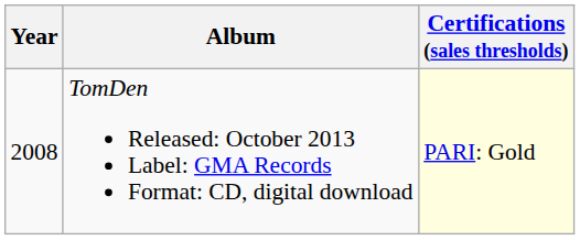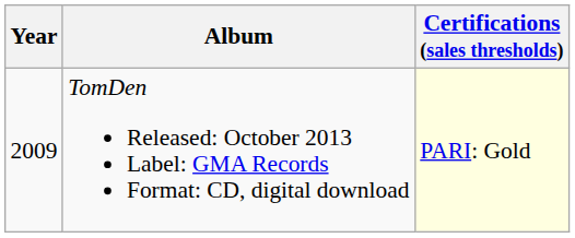 <table class="wikitable">
 <tr>
 <th>Year</th>
 <th>Album</th>
 <th><a href='#'>Certifications</a><br><small>(<a href='#'>sales thresholds</a>)</small></th>
 </tr>
 <tr>
-<td>2008</td>
+<td>2009</td>
 <td><em>TomDen</em><br><ul><li>Released: October 2013</li><li>Label: <a href='#'>GMA Records</a></li><li>Format: CD, digital download</li></ul></td>
 <td style="background: lightyellow;"><a href='#'>PARI</a>: Gold</td>
 </tr>
 </table>
